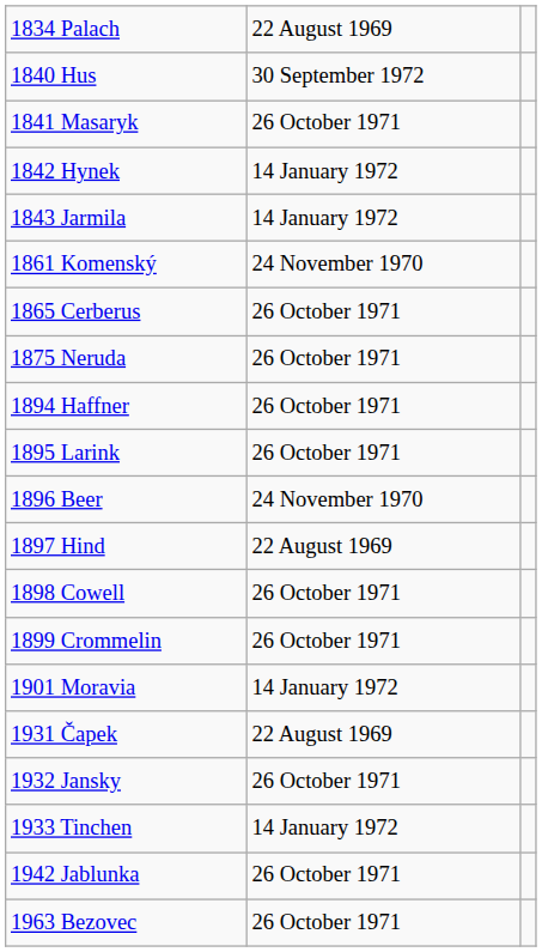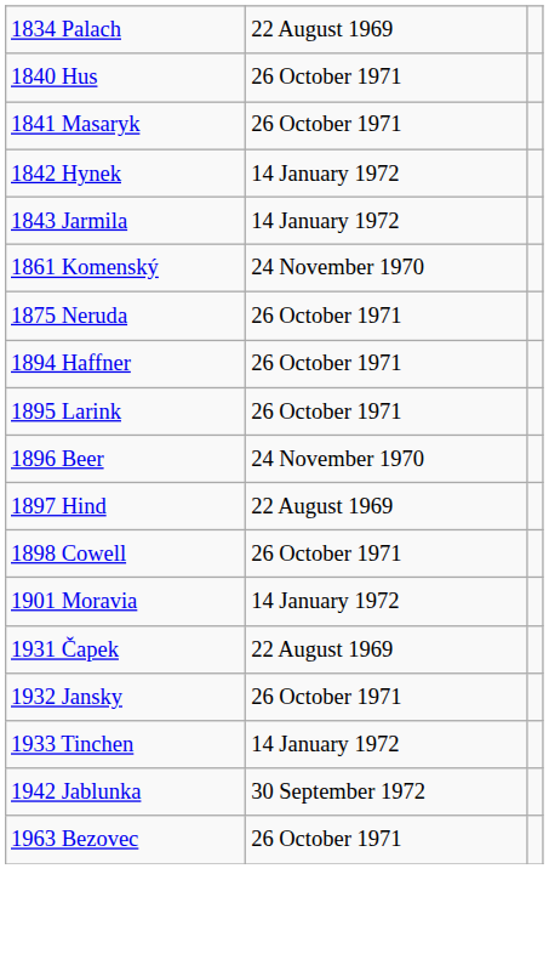 <table class="wikitable" style="font-size: 89%; float: left; width: 24em; margin-right: 1em; line-height: 1.65em !important; height: 540px;">
 <tr>
 <td><a href='#'>1834 Palach</a></td>
 <td>22 August 1969</td>
 <td></td>
 </tr>
 <tr>
 <td><a href='#'>1840 Hus</a></td>
-<td>30 September 1972</td>
+<td>26 October 1971</td>
 <td></td>
 </tr>
 <tr>
 <td><a href='#'>1841 Masaryk</a></td>
 <td>26 October 1971</td>
 <td></td>
 </tr>
 <tr>
 <td><a href='#'>1842 Hynek</a></td>
 <td>14 January 1972</td>
 <td></td>
 </tr>
 <tr>
 <td><a href='#'>1843 Jarmila</a></td>
 <td>14 January 1972</td>
 <td></td>
 </tr>
 <tr>
 <td><a href='#'>1861 Komenský</a></td>
 <td>24 November 1970</td>
-<td></td>
-</tr>
-<tr>
-<td><a href='#'>1865 Cerberus</a></td>
-<td>26 October 1971</td>
 <td></td>
 </tr>
 <tr>
 <td><a href='#'>1875 Neruda</a></td>
 <td>26 October 1971</td>
 <td></td>
 </tr>
 <tr>
 <td><a href='#'>1894 Haffner</a></td>
 <td>26 October 1971</td>
 <td></td>
 </tr>
 <tr>
 <td><a href='#'>1895 Larink</a></td>
 <td>26 October 1971</td>
 <td></td>
 </tr>
 <tr>
 <td><a href='#'>1896 Beer</a></td>
 <td>24 November 1970</td>
 <td></td>
 </tr>
 <tr>
 <td><a href='#'>1897 Hind</a></td>
 <td>22 August 1969</td>
 <td></td>
 </tr>
 <tr>
 <td><a href='#'>1898 Cowell</a></td>
 <td>26 October 1971</td>
 <td></td>
 </tr>
 <tr>
-<td><a href='#'>1899 Crommelin</a></td>
-<td>26 October 1971</td>
-<td></td>
-</tr>
-<tr>
 <td><a href='#'>1901 Moravia</a></td>
 <td>14 January 1972</td>
 <td></td>
 </tr>
 <tr>
 <td><a href='#'>1931 Čapek</a></td>
 <td>22 August 1969</td>
 <td></td>
 </tr>
 <tr>
 <td><a href='#'>1932 Jansky</a></td>
 <td>26 October 1971</td>
 <td></td>
 </tr>
 <tr>
 <td><a href='#'>1933 Tinchen</a></td>
 <td>14 January 1972</td>
 <td></td>
 </tr>
 <tr>
 <td><a href='#'>1942 Jablunka</a></td>
-<td>26 October 1971</td>
+<td>30 September 1972</td>
 <td></td>
 </tr>
 <tr>
 <td><a href='#'>1963 Bezovec</a></td>
 <td>26 October 1971</td>
 <td></td>
 </tr>
 </table>
